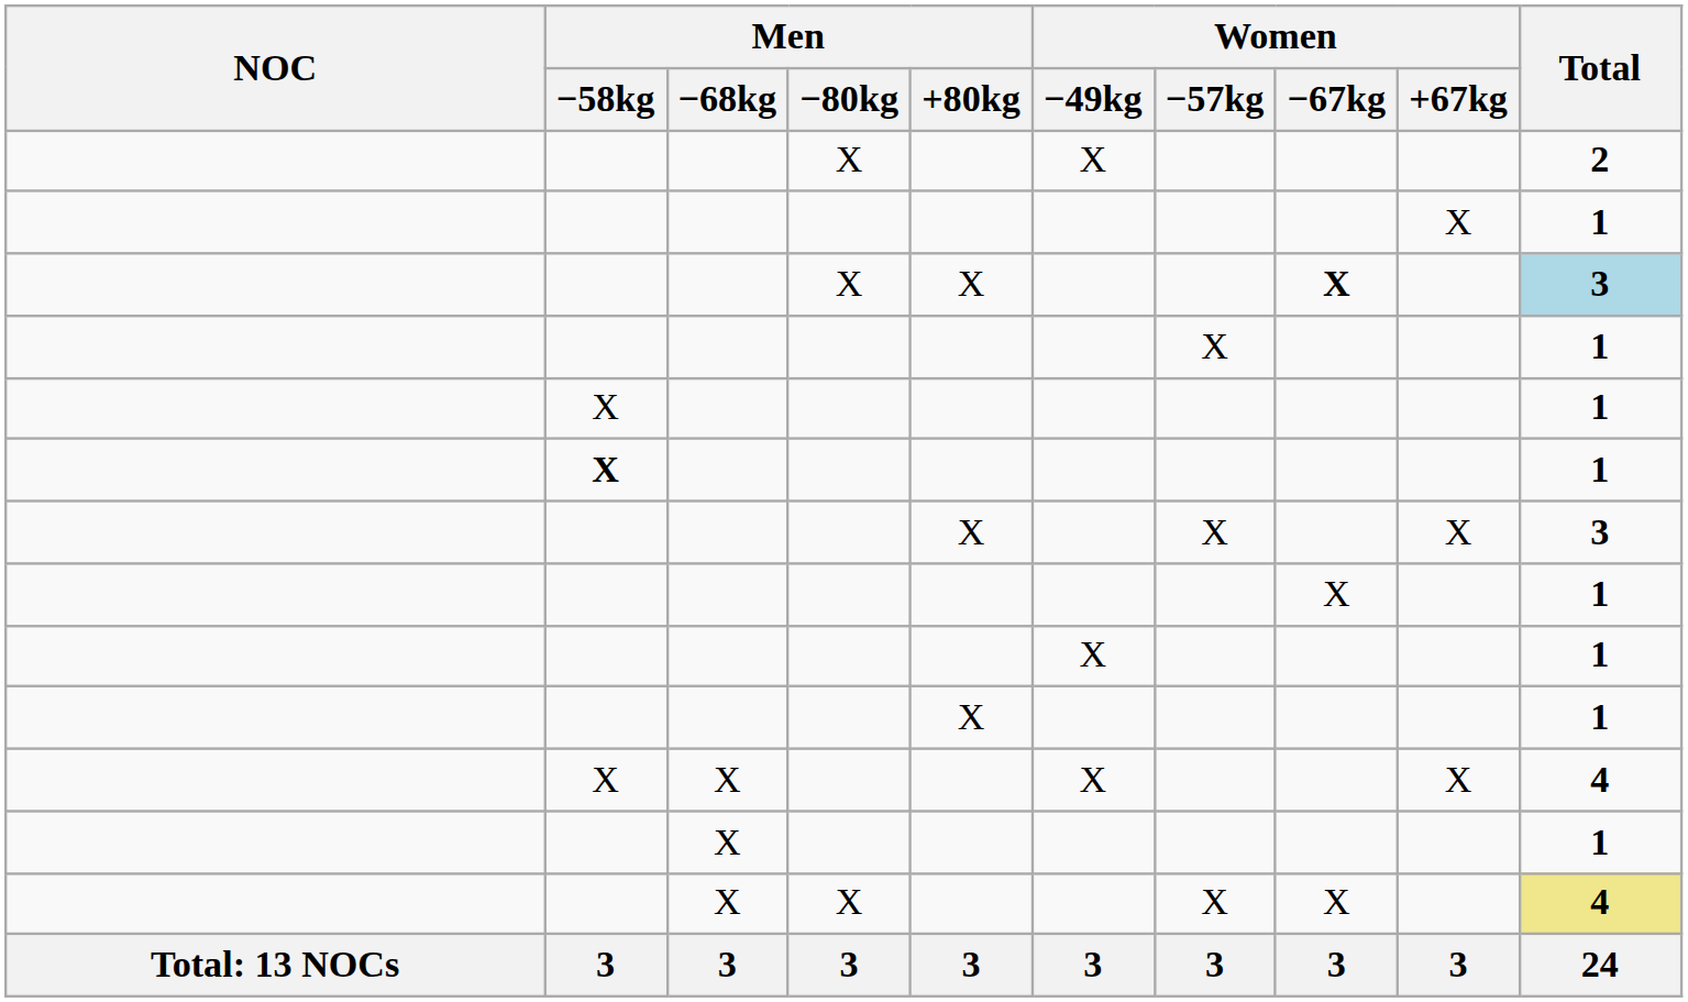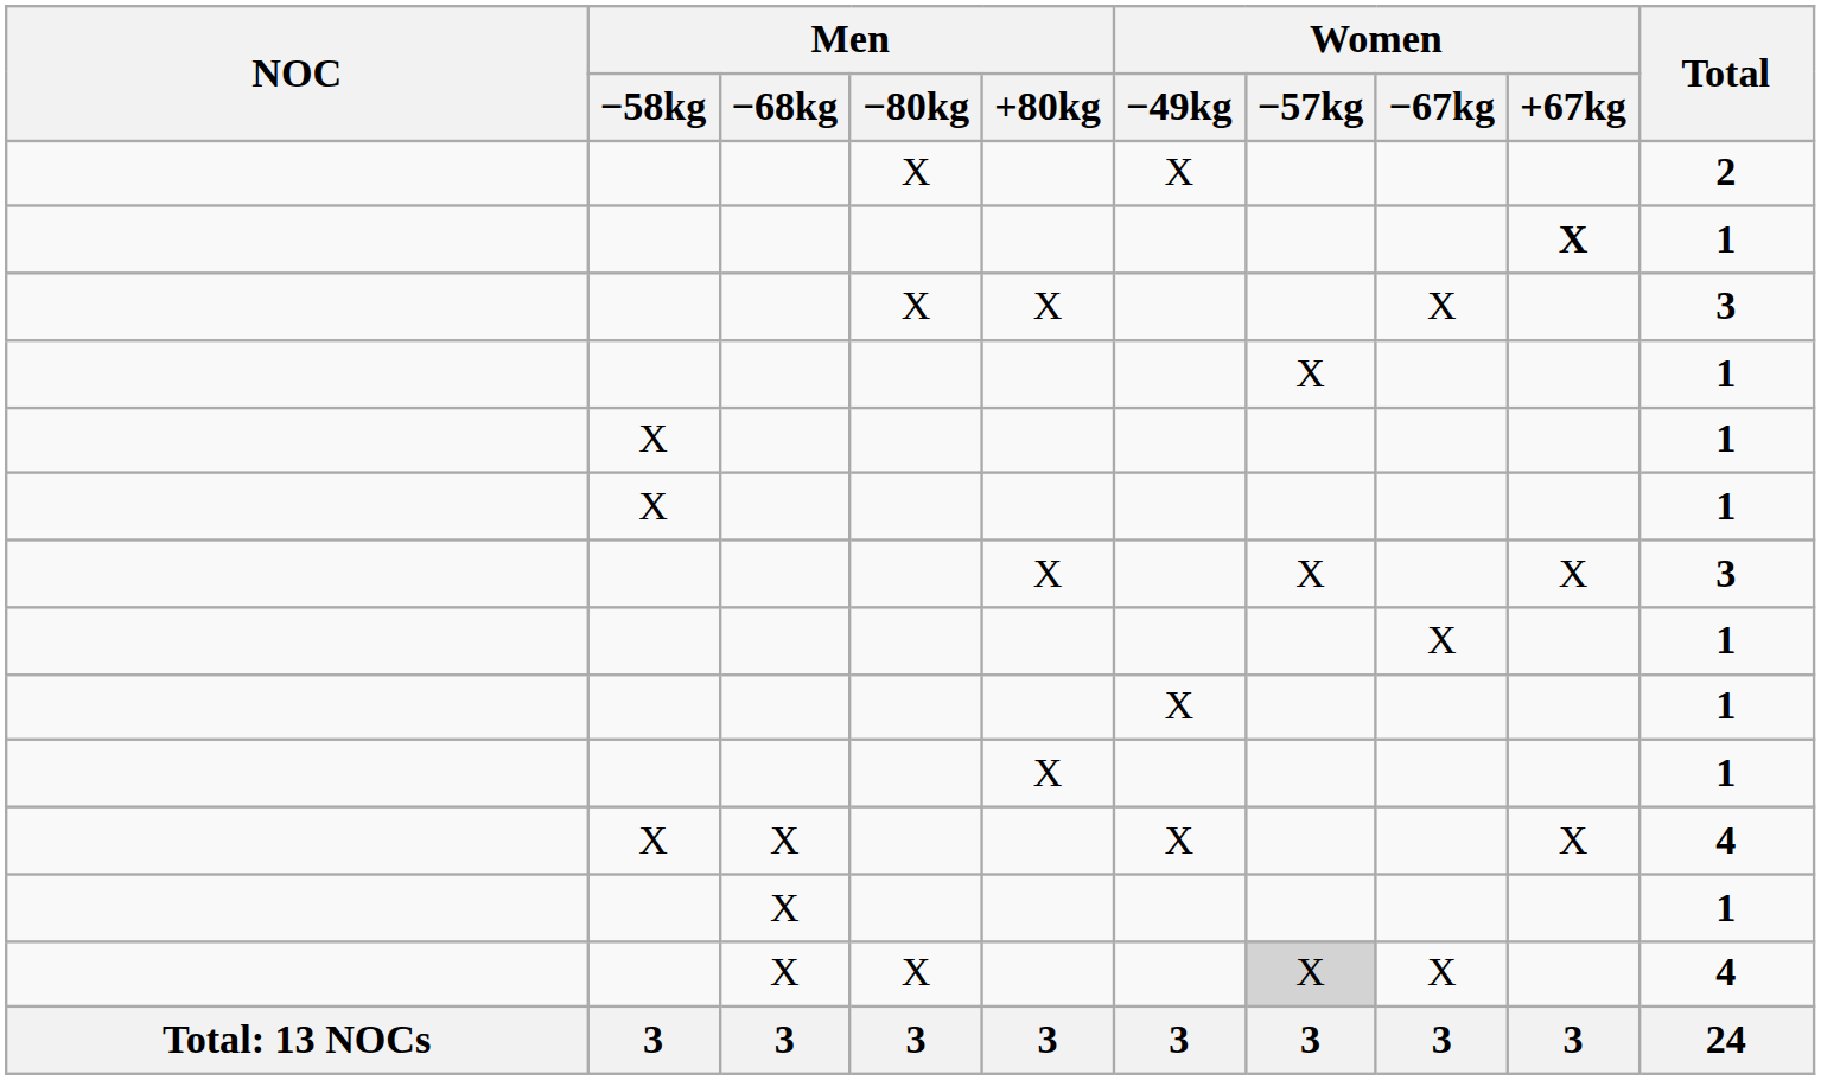 <table class="wikitable" style="text-align:center; font-size:90%">
 <tr>
 <th rowspan="2" width=200 align="left">NOC</th>
 <th colspan="4">Men</th>
 <th colspan="4">Women</th>
 <th width=55 rowspan="2">Total</th>
 </tr>
 <tr>
 <th width=40>−58kg</th>
 <th width=40>−68kg</th>
 <th width=40>−80kg</th>
 <th width=40>+80kg</th>
 <th width=40>−49kg</th>
 <th width=40>−57kg</th>
 <th width=40>−67kg</th>
 <th width=40>+67kg</th>
 </tr>
 <tr>
 <td align="left"></td>
 <td></td>
 <td></td>
 <td>X</td>
 <td></td>
 <td>X</td>
 <td></td>
 <td></td>
 <td></td>
 <td><strong>2</strong></td>
 </tr>
 <tr>
 <td align="left"></td>
 <td></td>
 <td></td>
 <td></td>
 <td></td>
 <td></td>
 <td></td>
 <td></td>
-<td>X</td>
+<td><strong>X</strong></td>
 <td><strong>1</strong></td>
 </tr>
 <tr>
 <td align="left"></td>
 <td></td>
 <td></td>
 <td>X</td>
 <td>X</td>
 <td></td>
 <td></td>
-<td><strong>X</strong></td>
+<td>X</td>
 <td></td>
-<td style="background: lightblue;"><strong>3</strong></td>
+<td><strong>3</strong></td>
 </tr>
 <tr>
 <td align="left"></td>
 <td></td>
 <td></td>
 <td></td>
 <td></td>
 <td></td>
 <td>X</td>
 <td></td>
 <td></td>
 <td><strong>1</strong></td>
 </tr>
 <tr>
 <td align="left"></td>
 <td>X</td>
 <td></td>
 <td></td>
 <td></td>
 <td></td>
 <td></td>
 <td></td>
 <td></td>
 <td><strong>1</strong></td>
 </tr>
 <tr>
 <td align="left"></td>
-<td><strong>X</strong></td>
+<td>X</td>
 <td></td>
 <td></td>
 <td></td>
 <td></td>
 <td></td>
 <td></td>
 <td></td>
 <td><strong>1</strong></td>
 </tr>
 <tr>
 <td align="left"></td>
 <td></td>
 <td></td>
 <td></td>
 <td>X</td>
 <td></td>
 <td>X</td>
 <td></td>
 <td>X</td>
 <td><strong>3</strong></td>
 </tr>
 <tr>
 <td align="left"></td>
 <td></td>
 <td></td>
 <td></td>
 <td></td>
 <td></td>
 <td></td>
 <td>X</td>
 <td></td>
 <td><strong>1</strong></td>
 </tr>
 <tr>
 <td align="left"></td>
 <td></td>
 <td></td>
 <td></td>
 <td></td>
 <td>X</td>
 <td></td>
 <td></td>
 <td></td>
 <td><strong>1</strong></td>
 </tr>
 <tr>
 <td align="left"></td>
 <td></td>
 <td></td>
 <td></td>
 <td>X</td>
 <td></td>
 <td></td>
 <td></td>
 <td></td>
 <td><strong>1</strong></td>
 </tr>
 <tr>
 <td align="left"></td>
 <td>X</td>
 <td>X</td>
 <td></td>
 <td></td>
 <td>X</td>
 <td></td>
 <td></td>
 <td>X</td>
 <td><strong>4</strong></td>
 </tr>
 <tr>
 <td align="left"></td>
 <td></td>
 <td>X</td>
 <td></td>
 <td></td>
 <td></td>
 <td></td>
 <td></td>
 <td></td>
 <td><strong>1</strong></td>
 </tr>
 <tr>
 <td align="left"></td>
 <td></td>
 <td>X</td>
 <td>X</td>
 <td></td>
 <td></td>
-<td>X</td>
+<td style="background: lightgrey;">X</td>
 <td>X</td>
 <td></td>
-<td style="background: khaki;"><strong>4</strong></td>
+<td><strong>4</strong></td>
 </tr>
 <tr>
 <th>Total: 13 NOCs</th>
 <th>3</th>
 <th>3</th>
 <th>3</th>
 <th>3</th>
 <th>3</th>
 <th>3</th>
 <th>3</th>
 <th>3</th>
 <th>24</th>
 </tr>
 </table>
